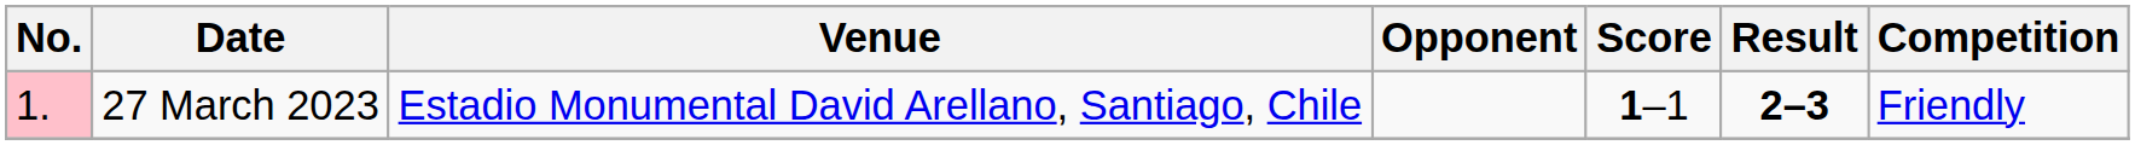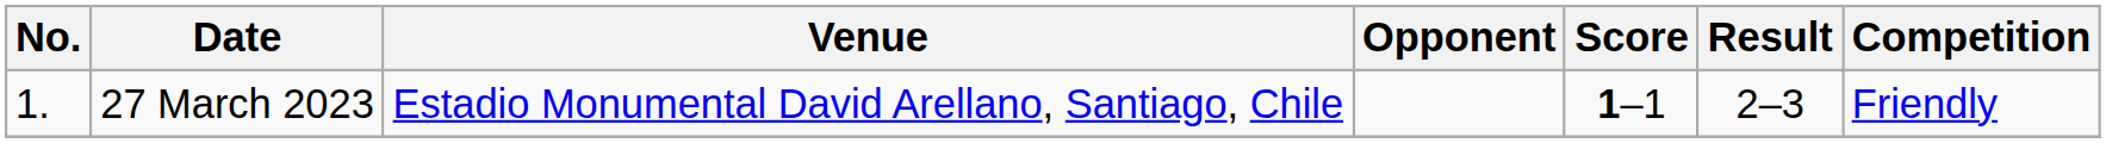 <table class="wikitable">
 <tr>
 <th>No.</th>
 <th>Date</th>
 <th>Venue</th>
 <th>Opponent</th>
 <th>Score</th>
 <th>Result</th>
 <th>Competition</th>
 </tr>
 <tr>
-<td style="background: pink;">1.</td>
+<td>1.</td>
 <td>27 March 2023</td>
 <td><a href='#'>Estadio Monumental David Arellano</a>, <a href='#'>Santiago</a>, <a href='#'>Chile</a></td>
 <td></td>
 <td align=center><strong>1</strong>–1</td>
-<td align=center><strong>2–3</strong></td>
+<td align=center>2–3</td>
 <td><a href='#'>Friendly</a></td>
 </tr>
 <tr>
 </tr>
 </table>
